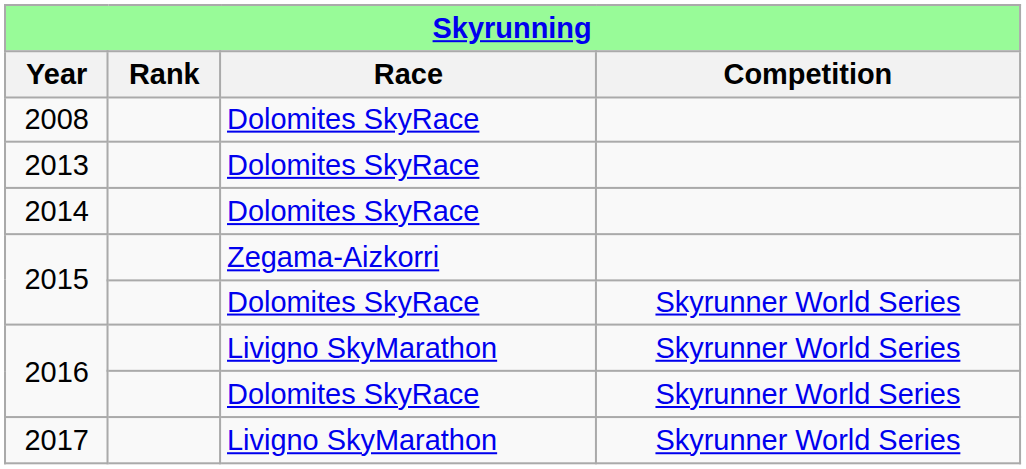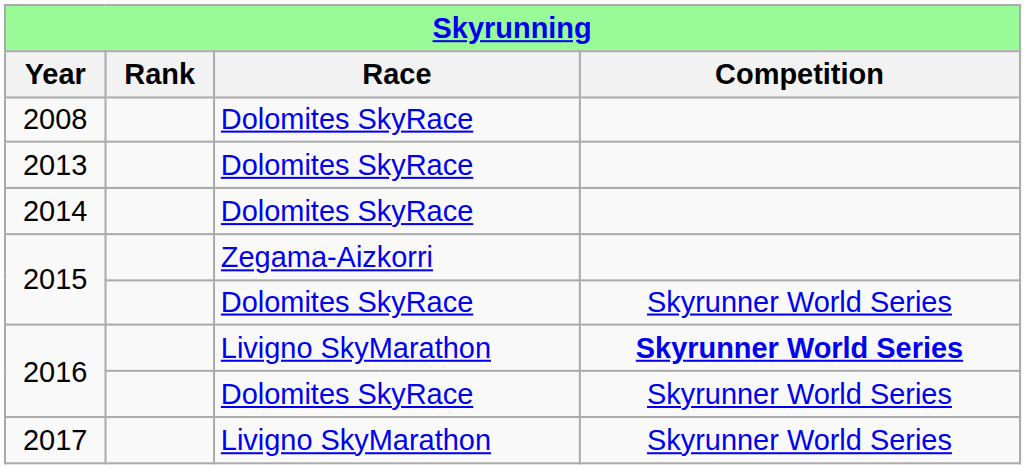 <table class="wikitable" width=40% style="font-size:90%; text-align:center;">
 <tr>
 <td colspan=7 bgcolor=Palegreen><strong><a href='#'>Skyrunning</a></strong></td>
 </tr>
 <tr>
 <th>Year</th>
 <th>Rank</th>
 <th>Race</th>
 <th>Competition</th>
 </tr>
 <tr>
 <td>2008</td>
 <td></td>
 <td align=left> <a href='#'>Dolomites SkyRace</a></td>
 <td></td>
 </tr>
 <tr>
 <td>2013</td>
 <td></td>
 <td align=left> <a href='#'>Dolomites SkyRace</a></td>
 <td></td>
 </tr>
 <tr>
 <td>2014</td>
 <td></td>
 <td align=left> <a href='#'>Dolomites SkyRace</a></td>
 <td></td>
 </tr>
 <tr>
 <td rowspan=2>2015</td>
 <td></td>
 <td align=left> <a href='#'>Zegama-Aizkorri</a></td>
 <td></td>
 </tr>
 <tr>
 <td></td>
 <td align=left> <a href='#'>Dolomites SkyRace</a></td>
 <td><a href='#'>Skyrunner World Series</a></td>
 </tr>
 <tr>
 <td rowspan=2>2016</td>
 <td></td>
 <td align=left> <a href='#'>Livigno SkyMarathon</a></td>
-<td><a href='#'>Skyrunner World Series</a></td>
+<td><strong><a href='#'>Skyrunner World Series</a></strong></td>
 </tr>
 <tr>
 <td></td>
 <td align=left> <a href='#'>Dolomites SkyRace</a></td>
 <td><a href='#'>Skyrunner World Series</a></td>
 </tr>
 <tr>
 <td rowspan=1>2017</td>
 <td></td>
 <td align=left> <a href='#'>Livigno SkyMarathon</a></td>
 <td><a href='#'>Skyrunner World Series</a></td>
 </tr>
 </table>
